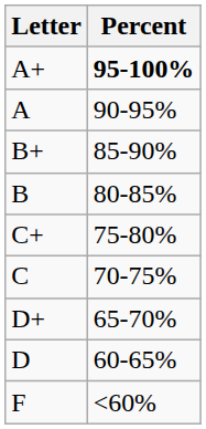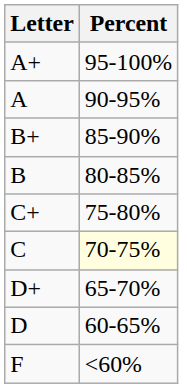 <table class="wikitable">
 <tr>
 <th>Letter</th>
 <th>Percent</th>
 </tr>
 <tr>
 <td>A+</td>
-<td><strong>95-100%</strong></td>
+<td>95-100%</td>
 </tr>
 <tr>
 <td>A</td>
 <td>90-95%</td>
 </tr>
 <tr>
 <td>B+</td>
 <td>85-90%</td>
 </tr>
 <tr>
 <td>B</td>
 <td>80-85%</td>
 </tr>
 <tr>
 <td>C+</td>
 <td>75-80%</td>
 </tr>
 <tr>
 <td>C</td>
-<td>70-75%</td>
+<td style="background: lightyellow;">70-75%</td>
 </tr>
 <tr>
 <td>D+</td>
 <td>65-70%</td>
 </tr>
 <tr>
 <td>D</td>
 <td>60-65%</td>
 </tr>
 <tr>
 <td>F</td>
 <td><60%</td>
 </tr>
 </table>
